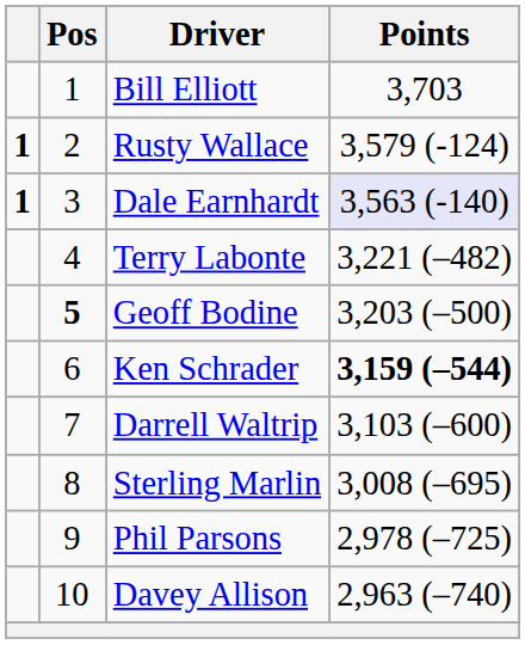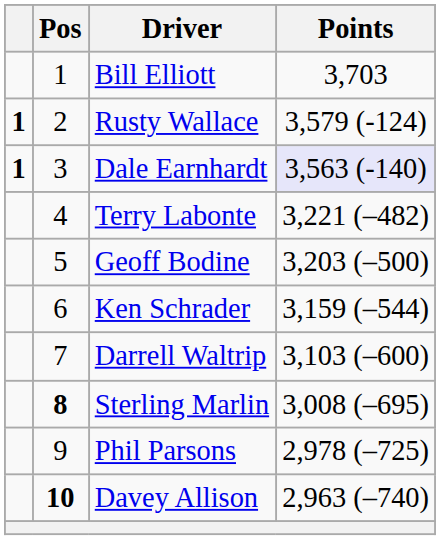 <table class="wikitable" style="font-size: 95%;">
 <tr>
 <th></th>
 <th>Pos</th>
 <th>Driver</th>
 <th>Points</th>
 </tr>
 <tr>
 <td align="left"></td>
 <td style="text-align:center;">1</td>
 <td><a href='#'>Bill Elliott</a></td>
 <td style="text-align:center;">3,703</td>
 </tr>
 <tr>
 <td align="left">  <strong>1</strong></td>
 <td style="text-align:center;">2</td>
 <td><a href='#'>Rusty Wallace</a></td>
 <td style="text-align:center;">3,579 (-124)</td>
 </tr>
 <tr>
 <td align="left">  <strong>1</strong></td>
 <td style="text-align:center;">3</td>
 <td><a href='#'>Dale Earnhardt</a></td>
 <td style="background: lavender; text-align:center;">3,563 (-140)</td>
 </tr>
 <tr>
 <td align="left"></td>
 <td style="text-align:center;">4</td>
 <td><a href='#'>Terry Labonte</a></td>
 <td style="text-align:center;">3,221 (–482)</td>
 </tr>
 <tr>
 <td align="left"></td>
-<td style="text-align:center;"><strong>5</strong></td>
+<td style="text-align:center;">5</td>
 <td><a href='#'>Geoff Bodine</a></td>
 <td style="text-align:center;">3,203 (–500)</td>
 </tr>
 <tr>
 <td align="left"></td>
 <td style="text-align:center;">6</td>
 <td><a href='#'>Ken Schrader</a></td>
-<td style="text-align:center;"><strong>3,159 (–544)</strong></td>
+<td style="text-align:center;">3,159 (–544)</td>
 </tr>
 <tr>
 <td align="left"></td>
 <td style="text-align:center;">7</td>
 <td><a href='#'>Darrell Waltrip</a></td>
 <td style="text-align:center;">3,103 (–600)</td>
 </tr>
 <tr>
 <td align="left"></td>
-<td style="text-align:center;">8</td>
+<td style="text-align:center;"><strong>8</strong></td>
 <td><a href='#'>Sterling Marlin</a></td>
 <td style="text-align:center;">3,008 (–695)</td>
 </tr>
 <tr>
 <td align="left"></td>
 <td style="text-align:center;">9</td>
 <td><a href='#'>Phil Parsons</a></td>
 <td style="text-align:center;">2,978 (–725)</td>
 </tr>
 <tr>
 <td align="left"></td>
-<td style="text-align:center;">10</td>
+<td style="text-align:center;"><strong>10</strong></td>
 <td><a href='#'>Davey Allison</a></td>
 <td style="text-align:center;">2,963 (–740)</td>
 </tr>
 <tr class="sortbottom">
 <th colspan="9"></th>
 </tr>
 </table>
